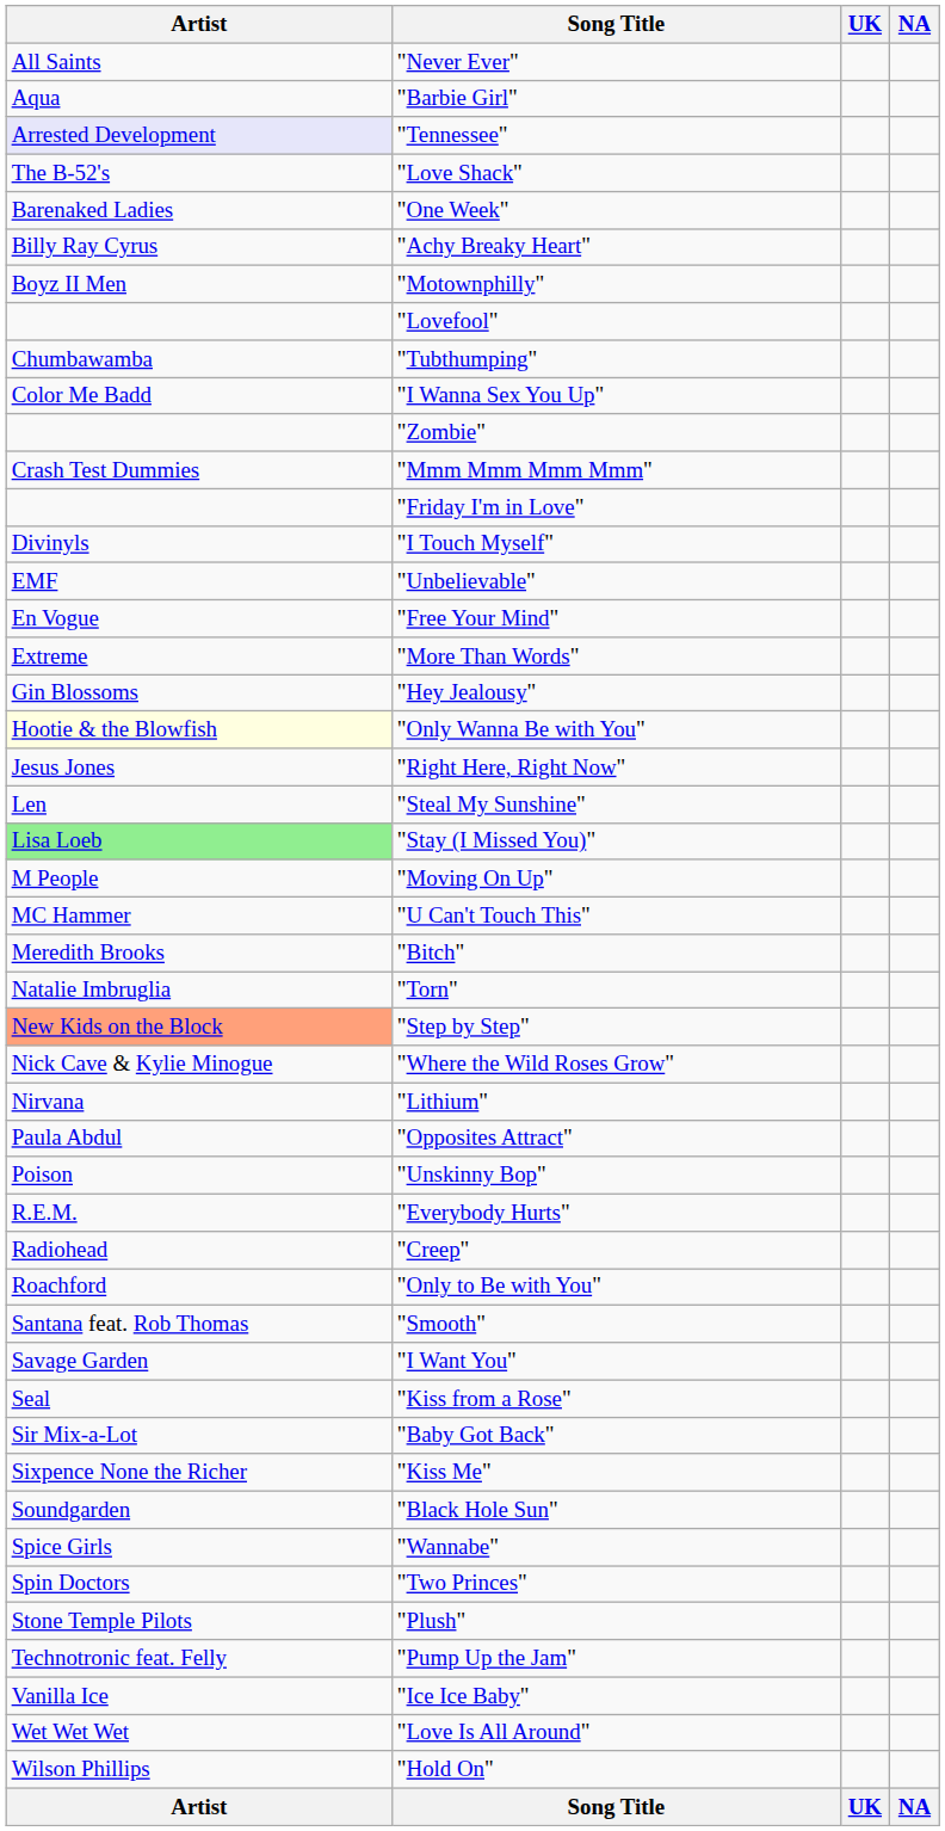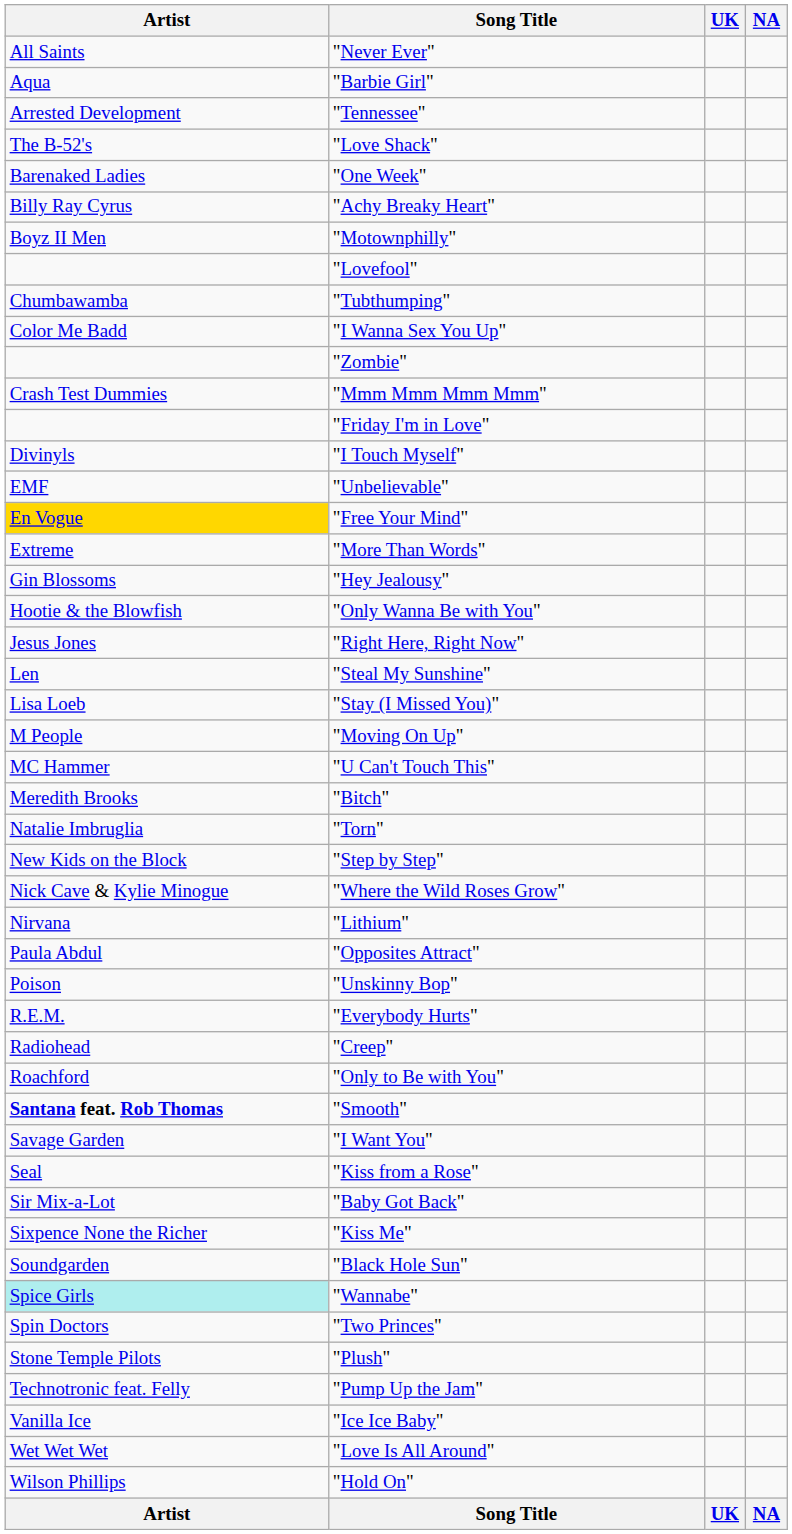 <table class="wikitable sortable" style="font-size:90%; text-align:left; margin: 5px;">
 <tr>
 <th style="width:240px;">Artist</th>
 <th style="width:280px;">Song Title</th>
 <th width=25px><a href='#'>UK</a></th>
 <th width=25px><a href='#'>NA</a></th>
 </tr>
 <tr>
 <td><a href='#'>All Saints</a></td>
 <td>"<a href='#'>Never Ever</a>"</td>
 <td></td>
 <td></td>
 </tr>
 <tr>
 <td><a href='#'>Aqua</a></td>
 <td>"<a href='#'>Barbie Girl</a>"</td>
 <td></td>
 <td></td>
 </tr>
 <tr>
-<td style="background: lavender;"><a href='#'>Arrested Development</a></td>
+<td><a href='#'>Arrested Development</a></td>
 <td>"<a href='#'>Tennessee</a>"</td>
 <td></td>
 <td></td>
 </tr>
 <tr>
 <td><a href='#'>The B-52's</a></td>
 <td>"<a href='#'>Love Shack</a>"</td>
 <td></td>
 <td></td>
 </tr>
 <tr>
 <td><a href='#'>Barenaked Ladies</a></td>
 <td>"<a href='#'>One Week</a>"</td>
 <td></td>
 <td></td>
 </tr>
 <tr>
 <td><a href='#'>Billy Ray Cyrus</a></td>
 <td>"<a href='#'>Achy Breaky Heart</a>"</td>
 <td></td>
 <td></td>
 </tr>
 <tr>
 <td><a href='#'>Boyz II Men</a></td>
 <td>"<a href='#'>Motownphilly</a>"</td>
 <td></td>
 <td></td>
 </tr>
 <tr>
 <td></td>
 <td>"<a href='#'>Lovefool</a>"</td>
 <td></td>
 <td></td>
 </tr>
 <tr>
 <td><a href='#'>Chumbawamba</a></td>
 <td>"<a href='#'>Tubthumping</a>"</td>
 <td></td>
 <td></td>
 </tr>
 <tr>
 <td><a href='#'>Color Me Badd</a></td>
 <td>"<a href='#'>I Wanna Sex You Up</a>"</td>
 <td></td>
 <td></td>
 </tr>
 <tr>
 <td></td>
 <td>"<a href='#'>Zombie</a>"</td>
 <td></td>
 <td></td>
 </tr>
 <tr>
 <td><a href='#'>Crash Test Dummies</a></td>
 <td>"<a href='#'>Mmm Mmm Mmm Mmm</a>"</td>
 <td></td>
 <td></td>
 </tr>
 <tr>
 <td></td>
 <td>"<a href='#'>Friday I'm in Love</a>"</td>
 <td></td>
 <td></td>
 </tr>
 <tr>
 <td><a href='#'>Divinyls</a></td>
 <td>"<a href='#'>I Touch Myself</a>"</td>
 <td></td>
 <td></td>
 </tr>
 <tr>
 <td><a href='#'>EMF</a></td>
 <td>"<a href='#'>Unbelievable</a>"</td>
 <td></td>
 <td></td>
 </tr>
 <tr>
-<td><a href='#'>En Vogue</a></td>
+<td style="background: gold;"><a href='#'>En Vogue</a></td>
 <td>"<a href='#'>Free Your Mind</a>"</td>
 <td></td>
 <td></td>
 </tr>
 <tr>
 <td><a href='#'>Extreme</a></td>
 <td>"<a href='#'>More Than Words</a>"</td>
 <td></td>
 <td></td>
 </tr>
 <tr>
 <td><a href='#'>Gin Blossoms</a></td>
 <td>"<a href='#'>Hey Jealousy</a>"</td>
 <td></td>
 <td></td>
 </tr>
 <tr>
-<td style="background: lightyellow;"><a href='#'>Hootie & the Blowfish</a></td>
+<td><a href='#'>Hootie & the Blowfish</a></td>
 <td>"<a href='#'>Only Wanna Be with You</a>"</td>
 <td></td>
 <td></td>
 </tr>
 <tr>
 <td><a href='#'>Jesus Jones</a></td>
 <td>"<a href='#'>Right Here, Right Now</a>"</td>
 <td></td>
 <td></td>
 </tr>
 <tr>
 <td><a href='#'>Len</a></td>
 <td>"<a href='#'>Steal My Sunshine</a>"</td>
 <td></td>
 <td></td>
 </tr>
 <tr>
-<td style="background: lightgreen;"><a href='#'>Lisa Loeb</a></td>
+<td><a href='#'>Lisa Loeb</a></td>
 <td>"<a href='#'>Stay (I Missed You)</a>"</td>
 <td></td>
 <td></td>
 </tr>
 <tr>
 <td><a href='#'>M People</a></td>
 <td>"<a href='#'>Moving On Up</a>"</td>
 <td></td>
 <td></td>
 </tr>
 <tr>
 <td><a href='#'>MC Hammer</a></td>
 <td>"<a href='#'>U Can't Touch This</a>"</td>
 <td></td>
 <td></td>
 </tr>
 <tr>
 <td><a href='#'>Meredith Brooks</a></td>
 <td>"<a href='#'>Bitch</a>"</td>
 <td></td>
 <td></td>
 </tr>
 <tr>
 <td><a href='#'>Natalie Imbruglia</a></td>
 <td>"<a href='#'>Torn</a>"</td>
 <td></td>
 <td></td>
 </tr>
 <tr>
-<td style="background: lightsalmon;"><a href='#'>New Kids on the Block</a></td>
+<td><a href='#'>New Kids on the Block</a></td>
 <td>"<a href='#'>Step by Step</a>"</td>
 <td></td>
 <td></td>
 </tr>
 <tr>
 <td><a href='#'>Nick Cave</a> & <a href='#'>Kylie Minogue</a></td>
 <td>"<a href='#'>Where the Wild Roses Grow</a>"</td>
 <td></td>
 <td></td>
 </tr>
 <tr>
 <td><a href='#'>Nirvana</a></td>
 <td>"<a href='#'>Lithium</a>"</td>
 <td></td>
 <td></td>
 </tr>
 <tr>
 <td><a href='#'>Paula Abdul</a></td>
 <td>"<a href='#'>Opposites Attract</a>"</td>
 <td></td>
 <td></td>
 </tr>
 <tr>
 <td><a href='#'>Poison</a></td>
 <td>"<a href='#'>Unskinny Bop</a>"</td>
 <td></td>
 <td></td>
 </tr>
 <tr>
 <td><a href='#'>R.E.M.</a></td>
 <td>"<a href='#'>Everybody Hurts</a>"</td>
 <td></td>
 <td></td>
 </tr>
 <tr>
 <td><a href='#'>Radiohead</a></td>
 <td>"<a href='#'>Creep</a>"</td>
 <td></td>
 <td></td>
 </tr>
 <tr>
 <td><a href='#'>Roachford</a></td>
 <td>"<a href='#'>Only to Be with You</a>"</td>
 <td></td>
 <td></td>
 </tr>
 <tr>
-<td><a href='#'>Santana</a> feat. <a href='#'>Rob Thomas</a></td>
+<td><strong><a href='#'>Santana</a> feat. <a href='#'>Rob Thomas</a></strong></td>
 <td>"<a href='#'>Smooth</a>"</td>
 <td></td>
 <td></td>
 </tr>
 <tr>
 <td><a href='#'>Savage Garden</a></td>
 <td>"<a href='#'>I Want You</a>"</td>
 <td></td>
 <td></td>
 </tr>
 <tr>
 <td><a href='#'>Seal</a></td>
 <td>"<a href='#'>Kiss from a Rose</a>"</td>
 <td></td>
 <td></td>
 </tr>
 <tr>
 <td><a href='#'>Sir Mix-a-Lot</a></td>
 <td>"<a href='#'>Baby Got Back</a>"</td>
 <td></td>
 <td></td>
 </tr>
 <tr>
 <td><a href='#'>Sixpence None the Richer</a></td>
 <td>"<a href='#'>Kiss Me</a>"</td>
 <td></td>
 <td></td>
 </tr>
 <tr>
 <td><a href='#'>Soundgarden</a></td>
 <td>"<a href='#'>Black Hole Sun</a>"</td>
 <td></td>
 <td></td>
 </tr>
 <tr>
-<td><a href='#'>Spice Girls</a></td>
+<td style="background: paleturquoise;"><a href='#'>Spice Girls</a></td>
 <td>"<a href='#'>Wannabe</a>"</td>
 <td></td>
 <td></td>
 </tr>
 <tr>
 <td><a href='#'>Spin Doctors</a></td>
 <td>"<a href='#'>Two Princes</a>"</td>
 <td></td>
 <td></td>
 </tr>
 <tr>
 <td><a href='#'>Stone Temple Pilots</a></td>
 <td>"<a href='#'>Plush</a>"</td>
 <td></td>
 <td></td>
 </tr>
 <tr>
 <td><a href='#'>Technotronic feat. Felly</a></td>
 <td>"<a href='#'>Pump Up the Jam</a>"</td>
 <td></td>
 <td></td>
 </tr>
 <tr>
 <td><a href='#'>Vanilla Ice</a></td>
 <td>"<a href='#'>Ice Ice Baby</a>"</td>
 <td></td>
 <td></td>
 </tr>
 <tr>
 <td><a href='#'>Wet Wet Wet</a></td>
 <td>"<a href='#'>Love Is All Around</a>"</td>
 <td></td>
 <td></td>
 </tr>
 <tr>
 <td><a href='#'>Wilson Phillips</a></td>
 <td>"<a href='#'>Hold On</a>"</td>
 <td></td>
 <td></td>
 </tr>
 <tr class="sortbottom">
 <th style="width:240px;">Artist</th>
 <th style="width:280px;">Song Title</th>
 <th><a href='#'>UK</a></th>
 <th><a href='#'>NA</a></th>
 </tr>
 </table>
